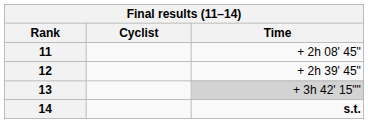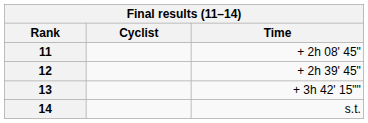 <table class="collapsible collapsed wikitable" style="width:30em;margin-top:0;">
 <tr>
 <th colspan=4>Final results (11–14)</th>
 </tr>
 <tr>
 <th>Rank</th>
 <th>Cyclist</th>
 <th>Time</th>
 </tr>
 <tr>
 <th style="text-align:center;">11</th>
 <td></td>
 <td align="right">+ 2h 08' 45"</td>
 </tr>
 <tr>
 <th style="text-align:center;">12</th>
 <td></td>
 <td align="right">+ 2h 39' 45"</td>
 </tr>
 <tr>
 <th style="text-align:center;">13</th>
 <td></td>
-<td align="right" style="background: lightgrey;">+ 3h 42' 15""</td>
+<td align="right">+ 3h 42' 15""</td>
 </tr>
 <tr>
 <th style="text-align:center;">14</th>
 <td></td>
-<td align="right"><strong>s.t.</strong></td>
+<td align="right">s.t.</td>
 </tr>
 </table>
